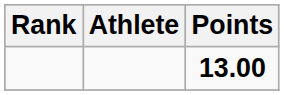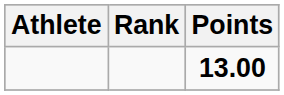 <table class=wikitable style="text-align:center;">
 <tr>
+<th>Athlete</th>
 <th>Rank</th>
-<th>Athlete</th>
 <th>Points</th>
 </tr>
 <tr>
+<td align=left></td>
 <td></td>
-<td align=left></td>
 <td><strong>13.00</strong></td>
 </tr>
 </table>
